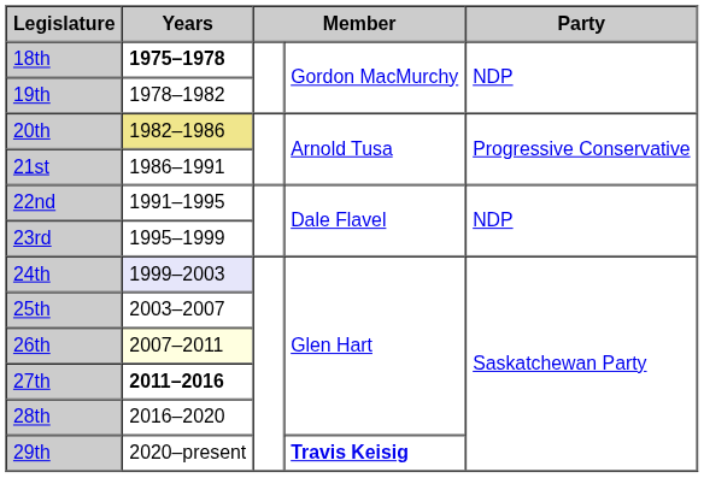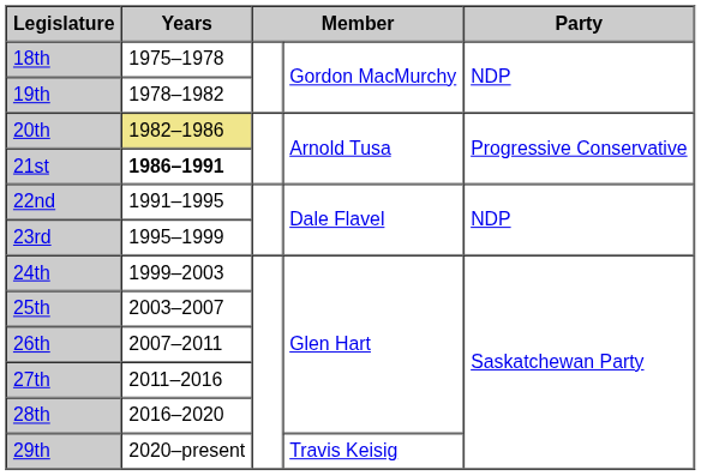 <table border=1 cellpadding=5 cellspacing=0>
 <tr bgcolor="CCCCCC">
 <th>Legislature</th>
 <th>Years</th>
 <th colspan="2">Member</th>
 <th>Party</th>
 </tr>
 <tr>
 <td bgcolor="CCCCCC"><a href='#'>18th</a></td>
-<td><strong>1975–1978</strong></td>
+<td>1975–1978</td>
 <td rowspan="2" >   </td>
 <td rowspan="2"><a href='#'>Gordon MacMurchy</a></td>
 <td rowspan="2"><a href='#'>NDP</a></td>
 </tr>
 <tr>
 <td bgcolor="CCCCCC"><a href='#'>19th</a></td>
 <td>1978–1982</td>
 </tr>
 <tr>
 <td bgcolor="CCCCCC"><a href='#'>20th</a></td>
 <td style="background: khaki;">1982–1986</td>
 <td rowspan="2" >   </td>
 <td rowspan="2"><a href='#'>Arnold Tusa</a></td>
 <td rowspan="2"><a href='#'>Progressive Conservative</a></td>
 </tr>
 <tr>
 <td bgcolor="CCCCCC"><a href='#'>21st</a></td>
-<td>1986–1991</td>
+<td><strong>1986–1991</strong></td>
 </tr>
 <tr>
 <td bgcolor="CCCCCC"><a href='#'>22nd</a></td>
 <td>1991–1995</td>
 <td rowspan="2" >   </td>
 <td rowspan="2"><a href='#'>Dale Flavel</a></td>
 <td rowspan="2"><a href='#'>NDP</a></td>
 </tr>
 <tr>
 <td bgcolor="CCCCCC"><a href='#'>23rd</a></td>
 <td>1995–1999</td>
 </tr>
 <tr>
 <td bgcolor="CCCCCC"><a href='#'>24th</a></td>
-<td style="background: lavender;">1999–2003</td>
+<td>1999–2003</td>
 <td rowspan="6" >   </td>
 <td rowspan="5"><a href='#'>Glen Hart</a></td>
 <td rowspan="6"><a href='#'>Saskatchewan Party</a></td>
 </tr>
 <tr>
 <td bgcolor="CCCCCC"><a href='#'>25th</a></td>
 <td>2003–2007</td>
 </tr>
 <tr>
 <td bgcolor="CCCCCC"><a href='#'>26th</a></td>
-<td style="background: lightyellow;">2007–2011</td>
+<td>2007–2011</td>
 </tr>
 <tr>
 <td bgcolor="CCCCCC"><a href='#'>27th</a></td>
-<td><strong>2011–2016</strong></td>
+<td>2011–2016</td>
 </tr>
 <tr>
 <td bgcolor="CCCCCC"><a href='#'>28th</a></td>
 <td>2016–2020</td>
 </tr>
 <tr>
 <td bgcolor="CCCCCC"><a href='#'>29th</a></td>
 <td>2020–present</td>
-<td><strong><a href='#'>Travis Keisig</a></strong></td>
+<td><a href='#'>Travis Keisig</a></td>
 </tr>
 </table>
